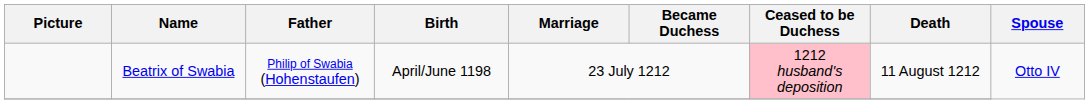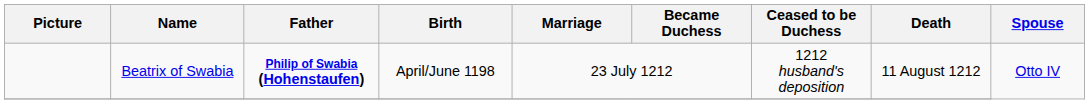 <table width=95% class="wikitable">
 <tr>
 <th width = "8%">Picture</th>
 <th width = "10%">Name</th>
 <th width = "9%">Father</th>
 <th width = "10%">Birth</th>
 <th width = "9%">Marriage</th>
 <th width = "9%">Became Duchess</th>
 <th width = "9%">Ceased to be Duchess</th>
 <th width = "9%">Death</th>
 <th width = "7%"><a href='#'>Spouse</a></th>
 </tr>
 <tr>
 <td align="center"></td>
 <td align="center"><a href='#'>Beatrix of Swabia</a></td>
-<td align="center"><small><a href='#'>Philip of Swabia</a></small><br>(<a href='#'>Hohenstaufen</a>)</td>
+<td align="center"><strong><small><a href='#'>Philip of Swabia</a></small><br>(<a href='#'>Hohenstaufen</a>)</strong></td>
 <td align="center">April/June 1198</td>
 <td align="center" colspan="2">23 July 1212</td>
-<td align="center" style="background: pink;">1212<br><em>husband's deposition</em></td>
+<td align="center">1212<br><em>husband's deposition</em></td>
 <td align="center">11 August 1212</td>
 <td align="center" rowspan="2"><a href='#'>Otto IV</a></td>
 </tr>
 <tr>
 </tr>
 </table>
